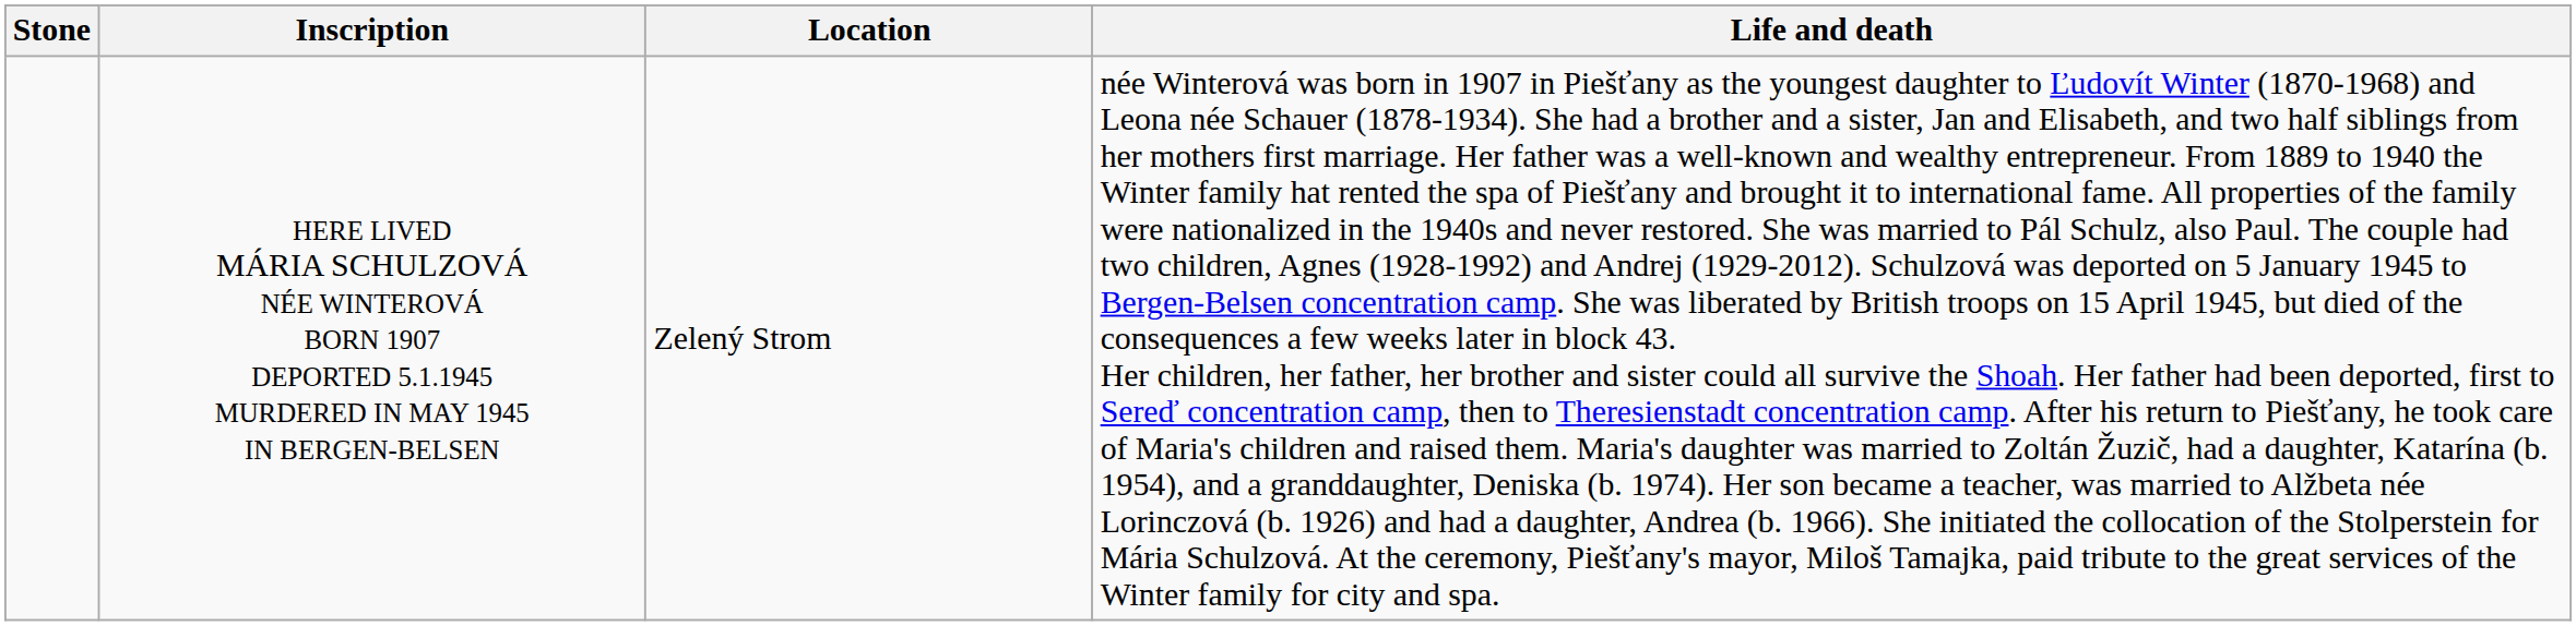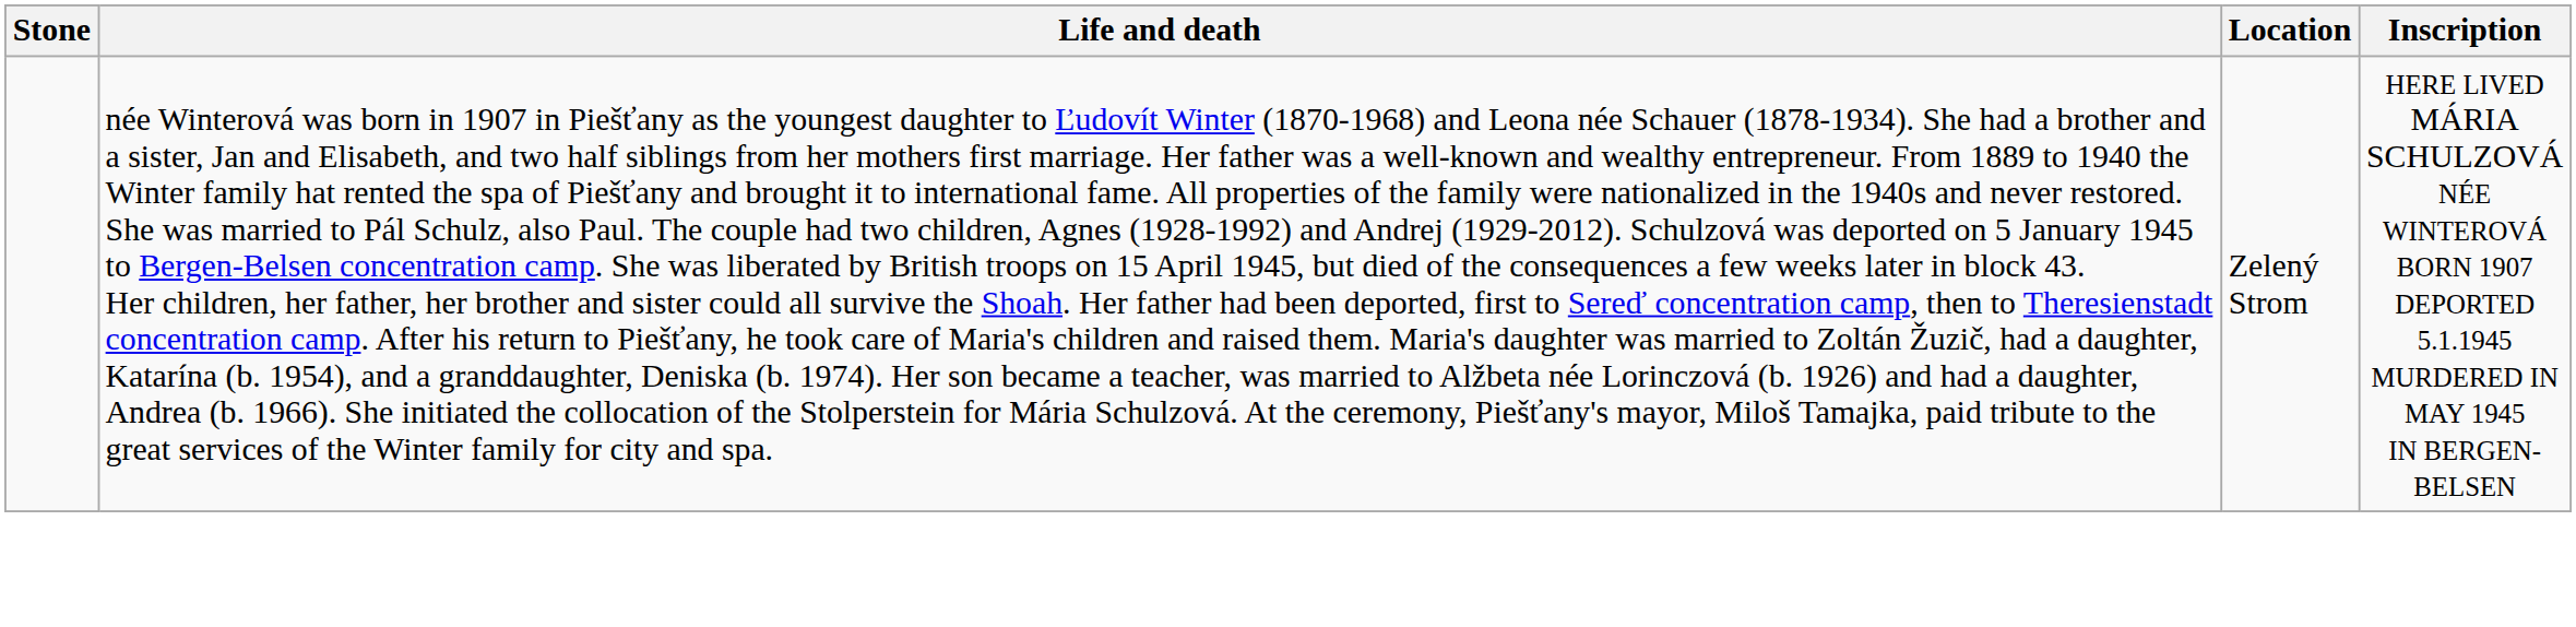 <table class="wikitable sortable toptextcells" style="width:100%">
 <tr>
 <th class="hintergrundfarbe6 unsortable" width="120px">Stone</th>
+<th class="hintergrundfarbe6" style="width:100%;">Life and death</th>
+<th class="hintergrundfarbe6" data-sort-type="text" style ="width:18%;">Location</th>
 <th class="hintergrundfarbe6 unsortable" style ="width:22%;">Inscription</th>
-<th class="hintergrundfarbe6" data-sort-type="text" style ="width:18%;">Location</th>
-<th class="hintergrundfarbe6" style="width:100%;">Life and death</th>
 </tr>
 <tr>
 <td style="text-align:center"></td>
+<td><strong></strong> née Winterová was born in 1907 in Piešťany as the youngest daughter to <a href='#'>Ľudovít Winter</a> (1870-1968) and Leona née Schauer (1878-1934). She had a brother and a sister, Jan and Elisabeth, and two half siblings from her mothers first marriage. Her father was a well-known and wealthy entrepreneur. From 1889 to 1940 the Winter family hat rented the spa of Piešťany and brought it to international fame. All properties of the family were nationalized in the 1940s and never restored. She was married to Pál Schulz, also Paul. The couple had two children, Agnes (1928-1992) and Andrej (1929-2012). Schulzová was deported on 5 January 1945 to <a href='#'>Bergen-Belsen concentration camp</a>. She was liberated by British troops on 15 April 1945, but died of the consequences a few weeks later in block 43.<br>Her children, her father, her brother and sister could all survive the <a href='#'>Shoah</a>. Her father had been deported, first to <a href='#'>Sereď concentration camp</a>, then to <a href='#'>Theresienstadt concentration camp</a>. After his return to Piešťany, he took care of Maria's children and raised them. Maria's daughter was married to Zoltán Žuzič, had a daughter, Katarína (b. 1954), and a granddaughter, Deniska (b. 1974). Her son became a teacher, was married to Alžbeta née Lorinczová (b. 1926) and had a daughter, Andrea (b. 1966). She initiated the collocation of the Stolperstein for Mária Schulzová. At the ceremony, Piešťany's mayor, Miloš Tamajka, paid tribute to the great services of the Winter family for city and spa.</td>
+<td>Zelený Strom</td>
 <td style="text-align:center"><div><small>HERE LIVED</small><br>MÁRIA SCHULZOVÁ<br><small>NÉE WINTEROVÁ<br>BORN 1907<br>DEPORTED 5.1.1945<br>MURDERED IN MAY 1945<br>IN BERGEN-BELSEN</small></div></td>
-<td>Zelený Strom</td>
-<td><strong></strong> née Winterová was born in 1907 in Piešťany as the youngest daughter to <a href='#'>Ľudovít Winter</a> (1870-1968) and Leona née Schauer (1878-1934). She had a brother and a sister, Jan and Elisabeth, and two half siblings from her mothers first marriage. Her father was a well-known and wealthy entrepreneur. From 1889 to 1940 the Winter family hat rented the spa of Piešťany and brought it to international fame. All properties of the family were nationalized in the 1940s and never restored. She was married to Pál Schulz, also Paul. The couple had two children, Agnes (1928-1992) and Andrej (1929-2012). Schulzová was deported on 5 January 1945 to <a href='#'>Bergen-Belsen concentration camp</a>. She was liberated by British troops on 15 April 1945, but died of the consequences a few weeks later in block 43.<br>Her children, her father, her brother and sister could all survive the <a href='#'>Shoah</a>. Her father had been deported, first to <a href='#'>Sereď concentration camp</a>, then to <a href='#'>Theresienstadt concentration camp</a>. After his return to Piešťany, he took care of Maria's children and raised them. Maria's daughter was married to Zoltán Žuzič, had a daughter, Katarína (b. 1954), and a granddaughter, Deniska (b. 1974). Her son became a teacher, was married to Alžbeta née Lorinczová (b. 1926) and had a daughter, Andrea (b. 1966). She initiated the collocation of the Stolperstein for Mária Schulzová. At the ceremony, Piešťany's mayor, Miloš Tamajka, paid tribute to the great services of the Winter family for city and spa.</td>
 </tr>
 </table>
